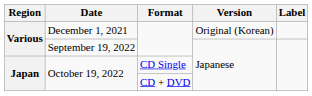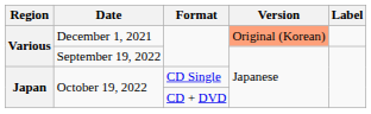 <table class="wikitable plainrowheaders">
 <tr>
 <th scope="col">Region</th>
 <th scope="col">Date</th>
 <th scope="col">Format</th>
 <th scope="col">Version</th>
 <th scope="col">Label</th>
 </tr>
 <tr>
 <th scope="row" rowspan="2">Various</th>
 <td>December 1, 2021</td>
 <td rowspan="2"></td>
-<td>Original (Korean)</td>
+<td style="background: lightsalmon;">Original (Korean)</td>
 <td></td>
 </tr>
 <tr>
 <td>September 19, 2022</td>
 <td rowspan="3">Japanese</td>
 <td rowspan="3"></td>
 </tr>
 <tr>
 <th scope="row" rowspan="2">Japan</th>
 <td rowspan="2">October 19, 2022</td>
 <td><a href='#'>CD Single</a></td>
 </tr>
 <tr>
 <td><a href='#'>CD</a> + <a href='#'>DVD</a></td>
 </tr>
 </table>
